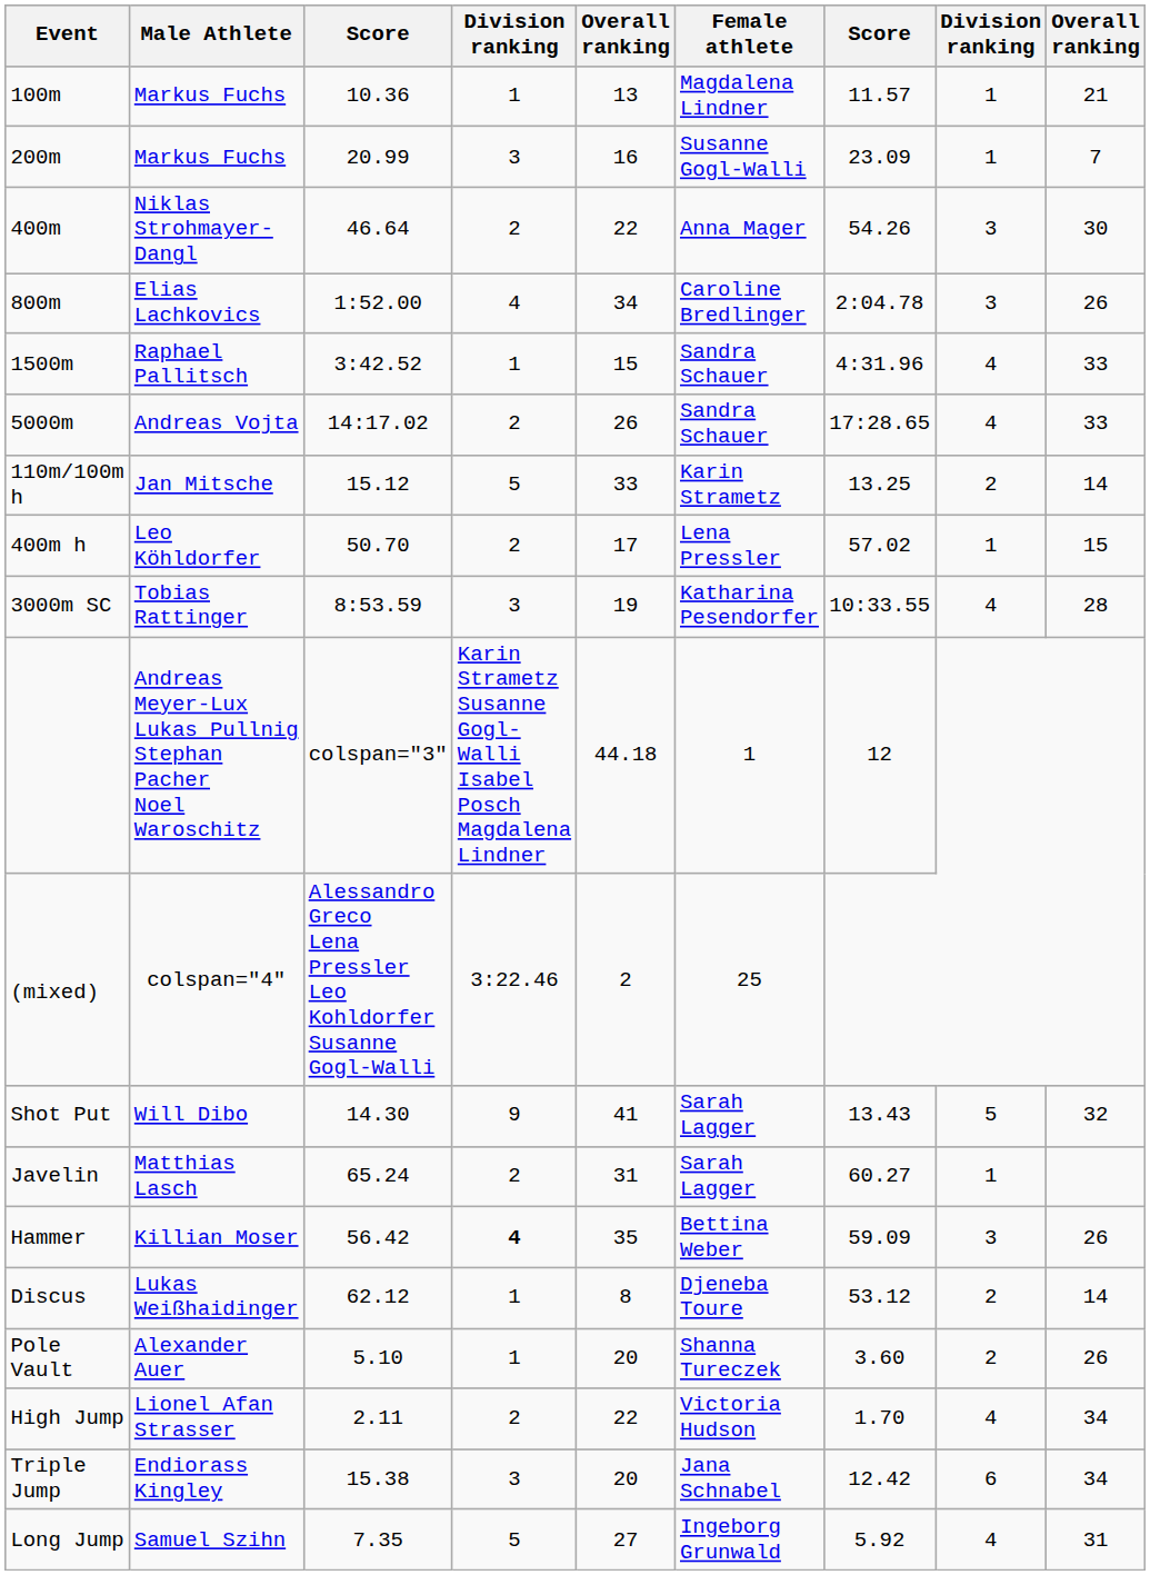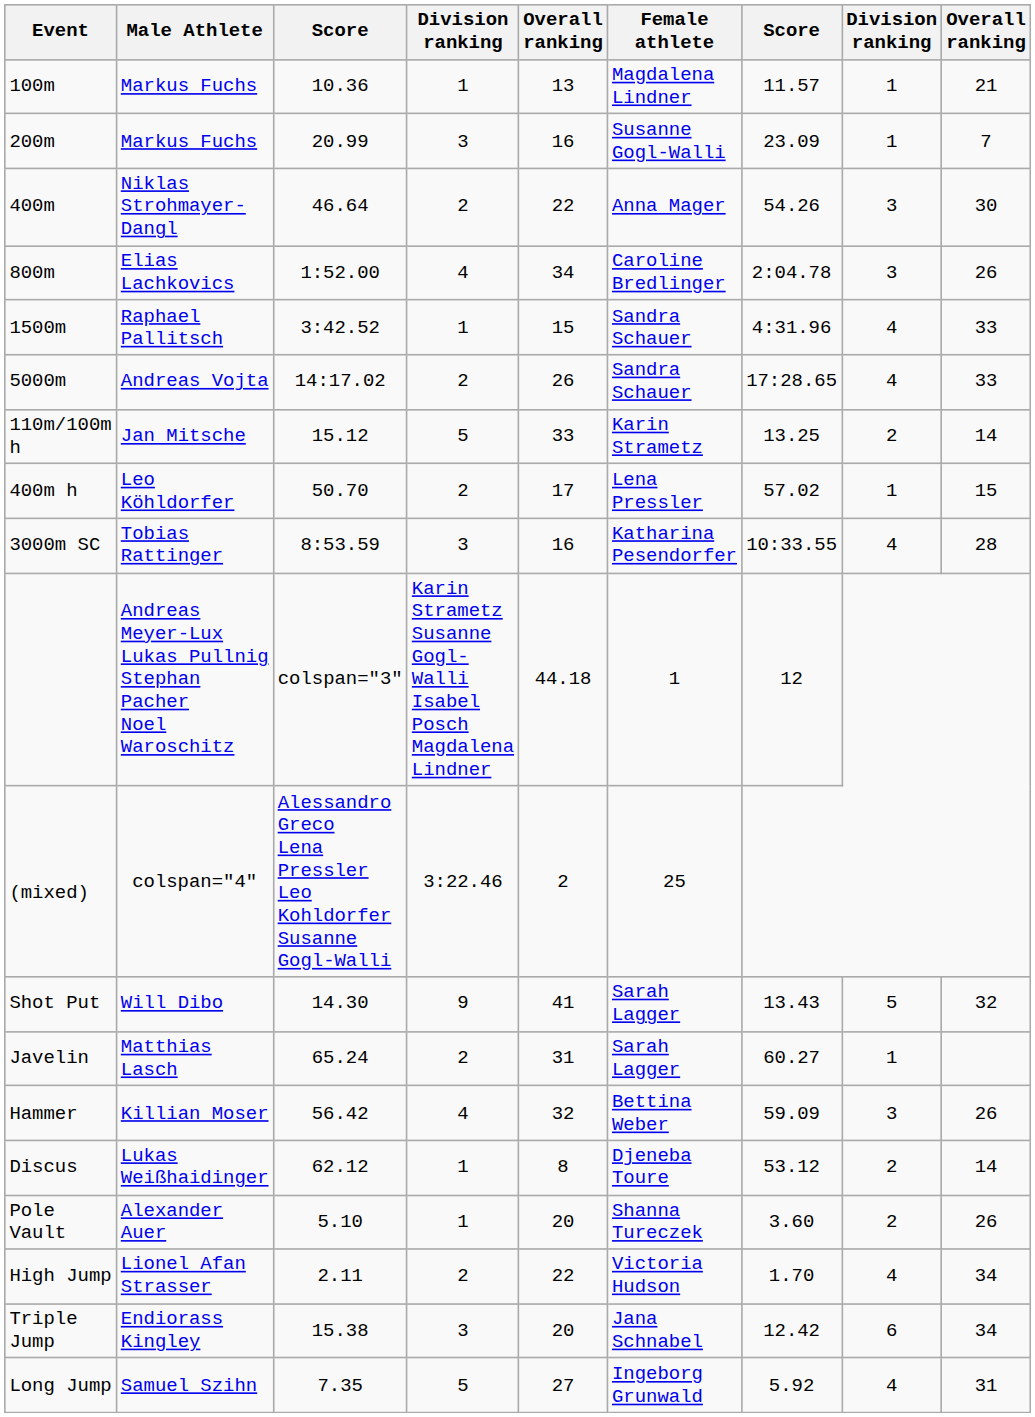 <table class="wikitable" style="font-size:90%; text-align:center">
 <tr>
 <th>Event</th>
 <th>Male Athlete</th>
 <th>Score</th>
 <th>Division ranking</th>
 <th>Overall ranking</th>
 <th>Female athlete</th>
 <th>Score</th>
 <th>Division ranking</th>
 <th>Overall ranking</th>
 </tr>
 <tr>
 <td align="left">100m</td>
 <td align="left"><a href='#'>Markus Fuchs</a></td>
 <td>10.36</td>
 <td>1</td>
 <td>13</td>
 <td align="left"><a href='#'>Magdalena Lindner</a></td>
 <td>11.57</td>
 <td>1</td>
 <td>21</td>
 </tr>
 <tr>
 <td align="left">200m</td>
 <td align="left"><a href='#'>Markus Fuchs</a></td>
 <td>20.99</td>
 <td>3</td>
 <td>16</td>
 <td align="left"><a href='#'>Susanne Gogl-Walli</a></td>
 <td>23.09</td>
 <td>1</td>
 <td>7</td>
 </tr>
 <tr>
 <td align="left">400m</td>
 <td align="left"><a href='#'>Niklas Strohmayer-Dangl</a></td>
 <td>46.64</td>
 <td>2</td>
 <td>22</td>
 <td align="left"><a href='#'>Anna Mager</a></td>
 <td>54.26</td>
 <td>3</td>
 <td>30</td>
 </tr>
 <tr>
 <td align="left">800m</td>
 <td align="left"><a href='#'>Elias Lachkovics</a></td>
 <td>1:52.00</td>
 <td>4</td>
 <td>34</td>
 <td align="left"><a href='#'>Caroline Bredlinger</a></td>
 <td>2:04.78</td>
 <td>3</td>
 <td>26</td>
 </tr>
 <tr>
 <td align="left">1500m</td>
 <td align="left"><a href='#'>Raphael Pallitsch</a></td>
 <td>3:42.52</td>
 <td>1</td>
 <td>15</td>
 <td align="left"><a href='#'>Sandra Schauer</a></td>
 <td>4:31.96</td>
 <td>4</td>
 <td>33</td>
 </tr>
 <tr>
 <td align="left">5000m</td>
 <td align="left"><a href='#'>Andreas Vojta</a></td>
 <td>14:17.02</td>
 <td>2</td>
 <td>26</td>
 <td align="left"><a href='#'>Sandra Schauer</a></td>
 <td>17:28.65</td>
 <td>4</td>
 <td>33</td>
 </tr>
 <tr>
 <td align="left">110m/100m h</td>
 <td align="left"><a href='#'>Jan Mitsche</a></td>
 <td>15.12</td>
 <td>5</td>
 <td>33</td>
 <td align="left"><a href='#'>Karin Strametz</a></td>
 <td>13.25</td>
 <td>2</td>
 <td>14</td>
 </tr>
 <tr>
 <td align="left">400m h</td>
 <td align="left"><a href='#'>Leo Köhldorfer</a></td>
 <td>50.70</td>
 <td>2</td>
 <td>17</td>
 <td align="left"><a href='#'>Lena Pressler</a></td>
 <td>57.02</td>
 <td>1</td>
 <td>15</td>
 </tr>
 <tr>
 <td align="left">3000m SC</td>
 <td align="left"><a href='#'>Tobias Rattinger</a></td>
 <td>8:53.59</td>
 <td>3</td>
-<td>19</td>
+<td>16</td>
 <td align="left"><a href='#'>Katharina Pesendorfer</a></td>
 <td>10:33.55</td>
 <td>4</td>
 <td>28</td>
 </tr>
 <tr>
 <td align="left"></td>
 <td align="left"><a href='#'>Andreas Meyer-Lux</a><br><a href='#'>Lukas Pullnig</a><br><a href='#'>Stephan Pacher</a><br><a href='#'>Noel Waroschitz</a></td>
 <td>colspan="3" </td>
 <td align="left"><a href='#'>Karin Strametz</a><br><a href='#'>Susanne Gogl-Walli</a><br><a href='#'>Isabel Posch</a><br><a href='#'>Magdalena Lindner</a></td>
 <td>44.18</td>
 <td>1</td>
 <td>12</td>
 </tr>
 <tr>
 <td align="left"><br>(mixed)</td>
 <td>colspan="4" </td>
 <td align="left"><a href='#'>Alessandro Greco</a><br><a href='#'>Lena Pressler</a><br><a href='#'>Leo Kohldorfer</a><br><a href='#'>Susanne Gogl-Walli</a></td>
 <td>3:22.46</td>
 <td>2</td>
 <td>25</td>
 </tr>
 <tr>
 <td align="left">Shot Put</td>
 <td align="left"><a href='#'>Will Dibo</a></td>
 <td>14.30</td>
 <td>9</td>
 <td>41</td>
 <td align="left"><a href='#'>Sarah Lagger</a></td>
 <td>13.43</td>
 <td>5</td>
 <td>32</td>
 </tr>
 <tr>
 <td align="left">Javelin</td>
 <td align="left"><a href='#'>Matthias Lasch</a></td>
 <td>65.24</td>
 <td>2</td>
 <td>31</td>
 <td align="left"><a href='#'>Sarah Lagger</a></td>
 <td>60.27</td>
 <td>1</td>
 <td></td>
 </tr>
 <tr>
 <td align="left">Hammer</td>
 <td align="left"><a href='#'>Killian Moser</a></td>
 <td>56.42</td>
-<td><strong>4</strong></td>
-<td>35</td>
+<td>4</td>
+<td>32</td>
 <td align="left"><a href='#'>Bettina Weber</a></td>
 <td>59.09</td>
 <td>3</td>
 <td>26</td>
 </tr>
 <tr>
 <td align="left">Discus</td>
 <td align="left"><a href='#'>Lukas Weißhaidinger</a></td>
 <td>62.12</td>
 <td>1</td>
 <td>8</td>
 <td align="left"><a href='#'>Djeneba Toure</a></td>
 <td>53.12</td>
 <td>2</td>
 <td>14</td>
 </tr>
 <tr>
 <td align="left">Pole Vault</td>
 <td align="left"><a href='#'>Alexander Auer</a></td>
 <td>5.10</td>
 <td>1</td>
 <td>20</td>
 <td align="left"><a href='#'>Shanna Tureczek</a></td>
 <td>3.60</td>
 <td>2</td>
 <td>26</td>
 </tr>
 <tr>
 <td align="left">High Jump</td>
 <td align="left"><a href='#'>Lionel Afan Strasser</a></td>
 <td>2.11</td>
 <td>2</td>
 <td>22</td>
 <td align="left"><a href='#'>Victoria Hudson</a></td>
 <td>1.70</td>
 <td>4</td>
 <td>34</td>
 </tr>
 <tr>
 <td align="left">Triple Jump</td>
 <td align="left"><a href='#'>Endiorass Kingley</a></td>
 <td>15.38</td>
 <td>3</td>
 <td>20</td>
 <td align="left"><a href='#'>Jana Schnabel</a></td>
 <td>12.42</td>
 <td>6</td>
 <td>34</td>
 </tr>
 <tr>
 <td align="left">Long Jump</td>
 <td align="left"><a href='#'>Samuel Szihn</a></td>
 <td>7.35</td>
 <td>5</td>
 <td>27</td>
 <td align="left"><a href='#'>Ingeborg Grunwald</a></td>
 <td>5.92</td>
 <td>4</td>
 <td>31</td>
 </tr>
 </table>
